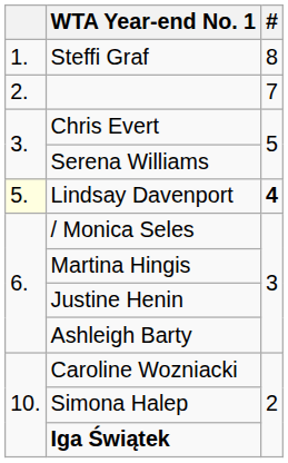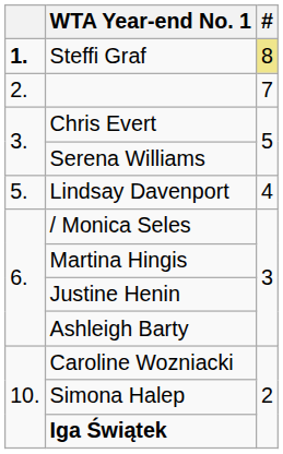 <table class="wikitable">
 <tr>
 <th></th>
 <th>WTA Year-end No. 1</th>
 <th>#</th>
 </tr>
 <tr>
-<td>1.</td>
+<td><strong>1.</strong></td>
 <td> Steffi Graf</td>
-<td>8</td>
+<td style="background: khaki;">8</td>
 </tr>
 <tr>
 <td>2.</td>
 <td></td>
 <td>7</td>
 </tr>
 <tr>
 <td rowspan=2>3.</td>
 <td> Chris Evert</td>
 <td rowspan=2>5</td>
 </tr>
 <tr>
 <td> Serena Williams</td>
 </tr>
 <tr>
-<td style="background: lightyellow;">5.</td>
+<td>5.</td>
 <td> Lindsay Davenport</td>
-<td><strong>4</strong></td>
+<td>4</td>
 </tr>
 <tr>
 <td rowspan=4>6.</td>
 <td>/ Monica Seles</td>
 <td rowspan=4>3</td>
 </tr>
 <tr>
 <td> Martina Hingis</td>
 </tr>
 <tr>
 <td> Justine Henin</td>
 </tr>
 <tr>
 <td> Ashleigh Barty</td>
 </tr>
 <tr>
 <td rowspan=3>10.</td>
 <td> Caroline Wozniacki</td>
 <td rowspan=3>2</td>
 </tr>
 <tr>
 <td> Simona Halep</td>
 </tr>
 <tr>
 <td> <strong>Iga Świątek</strong></td>
 </tr>
 </table>
